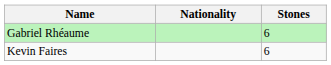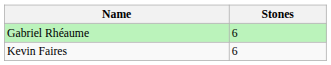 <table class="wikitable" style="display: inline-table; width: 50%;">
 <tr>
 <th>Name</th>
-<th>Nationality</th>
 <th>Stones</th>
 </tr>
 <tr bgcolor=bbf3bb>
 <td>Gabriel Rhéaume</td>
-<td></td>
 <td>6</td>
 </tr>
 <tr>
 <td>Kevin Faires</td>
-<td></td>
 <td>6</td>
 </tr>
 </table>
